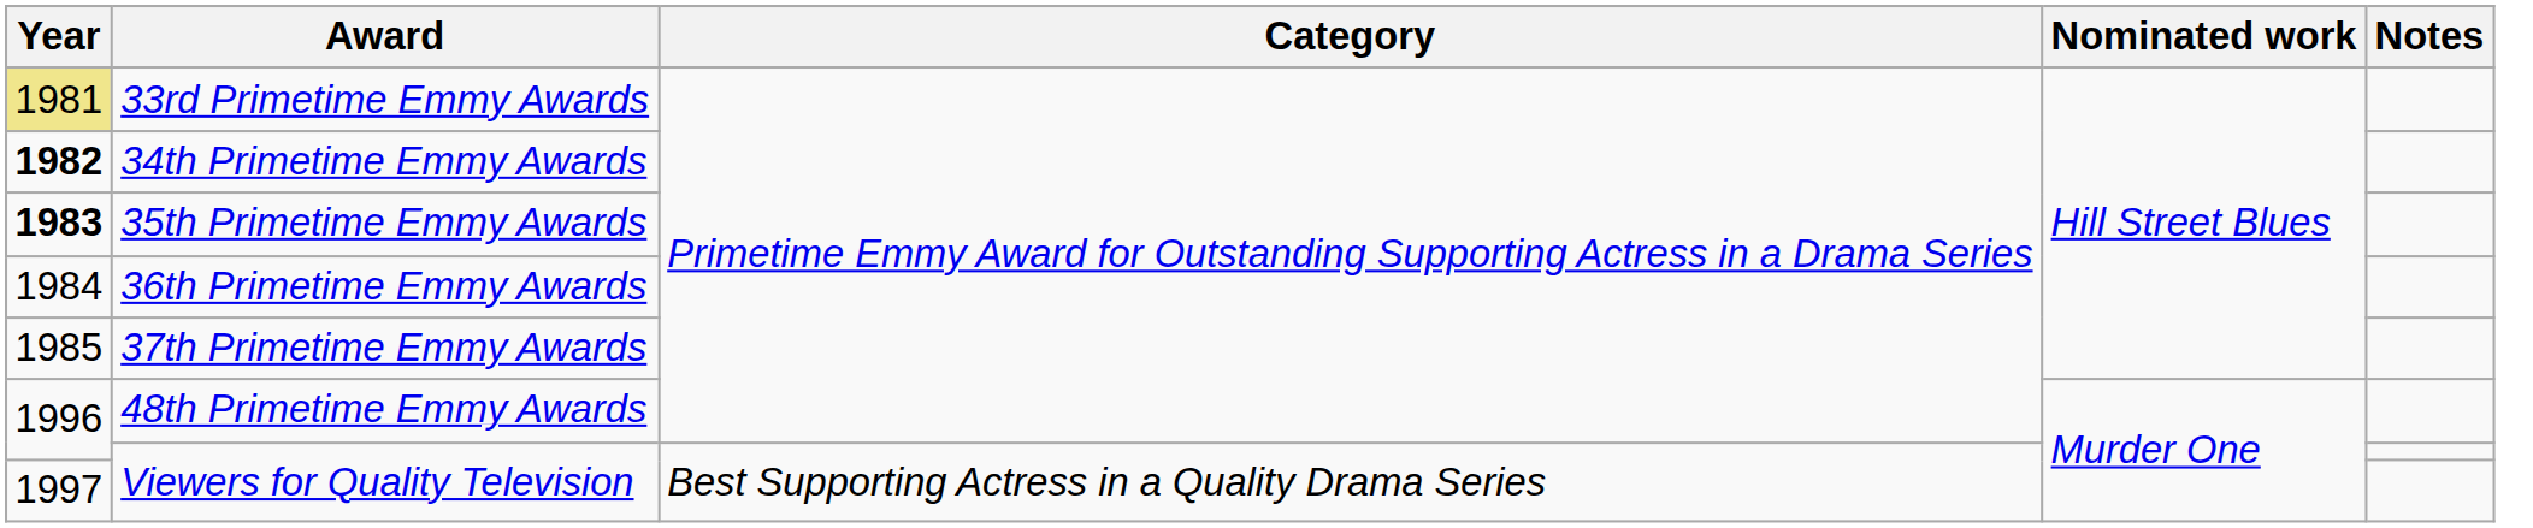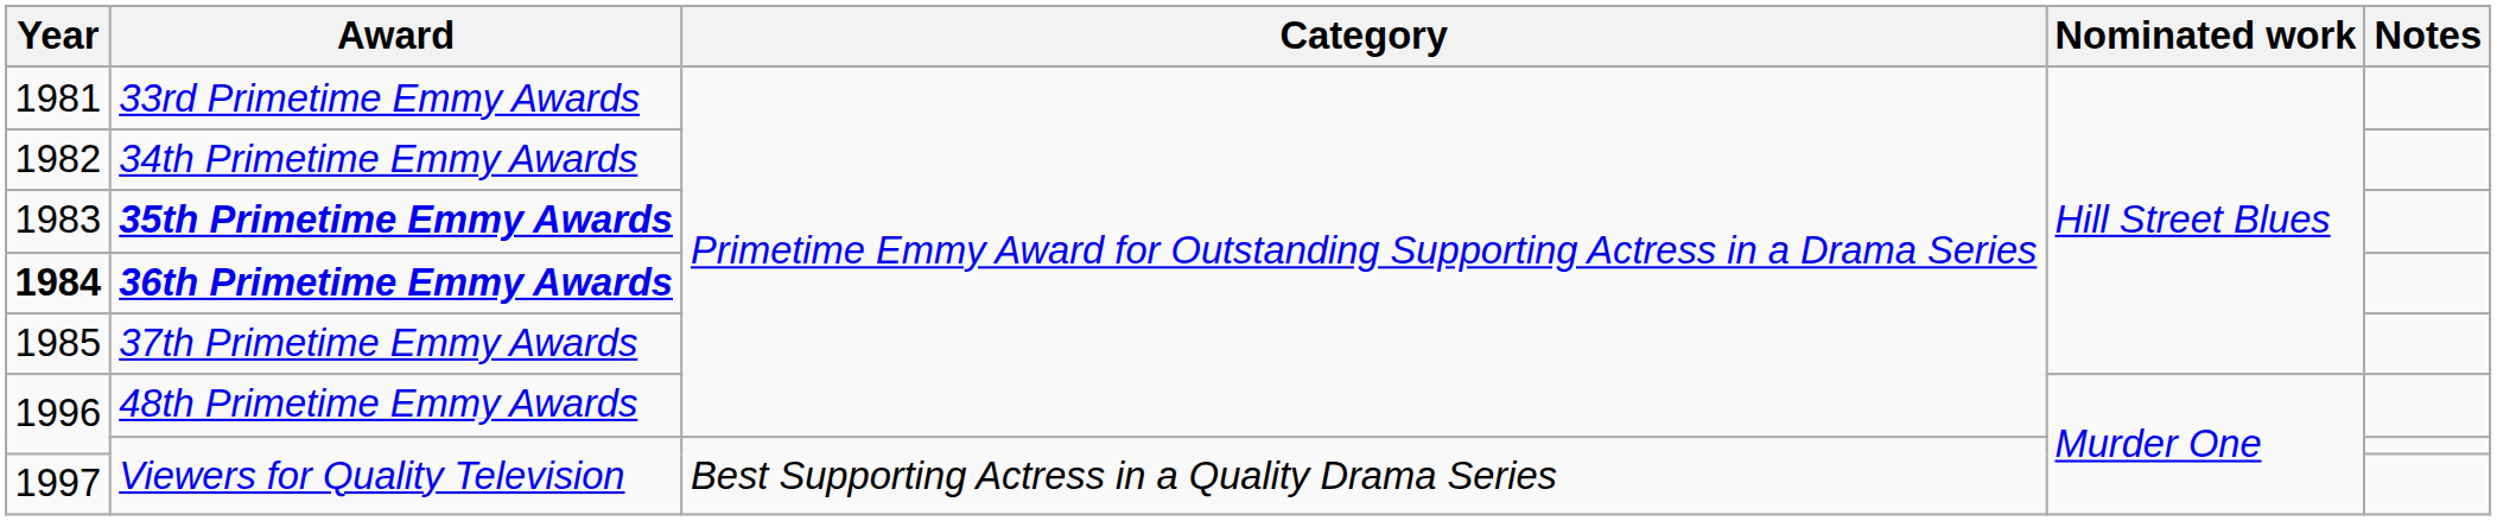 <table class="wikitable sortable">
 <tr>
 <th>Year</th>
 <th>Award</th>
 <th>Category</th>
 <th>Nominated work</th>
 <th class="wikitable unsortable">Notes</th>
 </tr>
 <tr>
-<td style="background: khaki;">1981</td>
+<td>1981</td>
 <td><em><a href='#'>33rd Primetime Emmy Awards</a></em></td>
 <td rowspan="6"><em><a href='#'>Primetime Emmy Award for Outstanding Supporting Actress in a Drama Series</a></em></td>
 <td rowspan="5"><em><a href='#'>Hill Street Blues</a></em></td>
 <td></td>
 </tr>
 <tr>
-<td><strong>1982</strong></td>
+<td>1982</td>
 <td><em><a href='#'>34th Primetime Emmy Awards</a></em></td>
 <td></td>
 </tr>
 <tr>
-<td><strong>1983</strong></td>
-<td><em><a href='#'>35th Primetime Emmy Awards</a></em></td>
+<td>1983</td>
+<td><strong><em><a href='#'>35th Primetime Emmy Awards</a></em></strong></td>
 <td></td>
 </tr>
 <tr>
-<td>1984</td>
-<td><em><a href='#'>36th Primetime Emmy Awards</a></em></td>
+<td><strong>1984</strong></td>
+<td><strong><em><a href='#'>36th Primetime Emmy Awards</a></em></strong></td>
 <td></td>
 </tr>
 <tr>
 <td>1985</td>
 <td><em><a href='#'>37th Primetime Emmy Awards</a></em></td>
 <td></td>
 </tr>
 <tr>
 <td rowspan="2">1996</td>
 <td><em><a href='#'>48th Primetime Emmy Awards</a></em></td>
 <td rowspan="3"><em><a href='#'>Murder One</a></em></td>
 <td></td>
 </tr>
 <tr>
 <td rowspan="2"><em><a href='#'>Viewers for Quality Television</a></em></td>
 <td rowspan="2"><em>Best Supporting Actress in a Quality Drama Series</em></td>
 <td></td>
 </tr>
 <tr>
 <td>1997</td>
 <td></td>
 </tr>
 </table>
